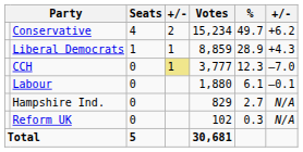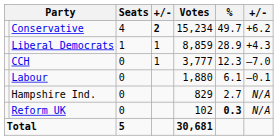 <table class="wikitable sortable">
 <tr>
 <th colspan="2">Party</th>
 <th>Seats</th>
 <th>+/-</th>
 <th>Votes</th>
 <th>%</th>
 <th>+/-</th>
 </tr>
 <tr>
 <td style="background-color: "></td>
 <td><a href='#'>Conservative</a></td>
 <td>4</td>
-<td> 2</td>
+<td><strong> 2</strong></td>
 <td style="text-align:right;">15,234</td>
 <td style="text-align:right;">49.7</td>
 <td style="text-align:right;">+6.2</td>
 </tr>
 <tr>
 <td style="background-color: "></td>
 <td><a href='#'>Liberal Democrats</a></td>
 <td>1</td>
 <td> 1</td>
 <td style="text-align:right;">8,859</td>
 <td style="text-align:right;">28.9</td>
 <td style="text-align:right;">+4.3</td>
 </tr>
 <tr>
 <td style="background-color: "></td>
 <td><a href='#'>CCH</a></td>
 <td>0</td>
-<td style="background: khaki;"> 1</td>
+<td> 1</td>
 <td style="text-align:right;">3,777</td>
 <td style="text-align:right;">12.3</td>
 <td style="text-align:right;">–7.0</td>
 </tr>
 <tr>
 <td style="background-color: "></td>
 <td><a href='#'>Labour</a></td>
 <td>0</td>
 <td></td>
 <td style="text-align:right;">1,880</td>
 <td style="text-align:right;">6.1</td>
 <td style="text-align:right;">–0.1</td>
 </tr>
 <tr>
 <td style="background-color: "></td>
 <td>Hampshire Ind.</td>
 <td>0</td>
 <td></td>
 <td style="text-align:right;">829</td>
 <td style="text-align:right;">2.7</td>
 <td style="text-align:right;"><em>N/A</em></td>
 </tr>
 <tr>
 <td style="background-color: "></td>
 <td><a href='#'>Reform UK</a></td>
 <td>0</td>
 <td></td>
 <td style="text-align:right;">102</td>
-<td style="text-align:right;">0.3</td>
+<td style="text-align:right;"><strong>0.3</strong></td>
 <td style="text-align:right;"><em>N/A</em></td>
 </tr>
 <tr>
 <td colspan="2"><strong>Total</strong></td>
 <td><strong>5</strong></td>
 <td></td>
 <td style="text-align:right;"><strong>30,681</strong></td>
 <td style="text-align:right;"></td>
 <td style="text-align:right;"></td>
 </tr>
 </table>
